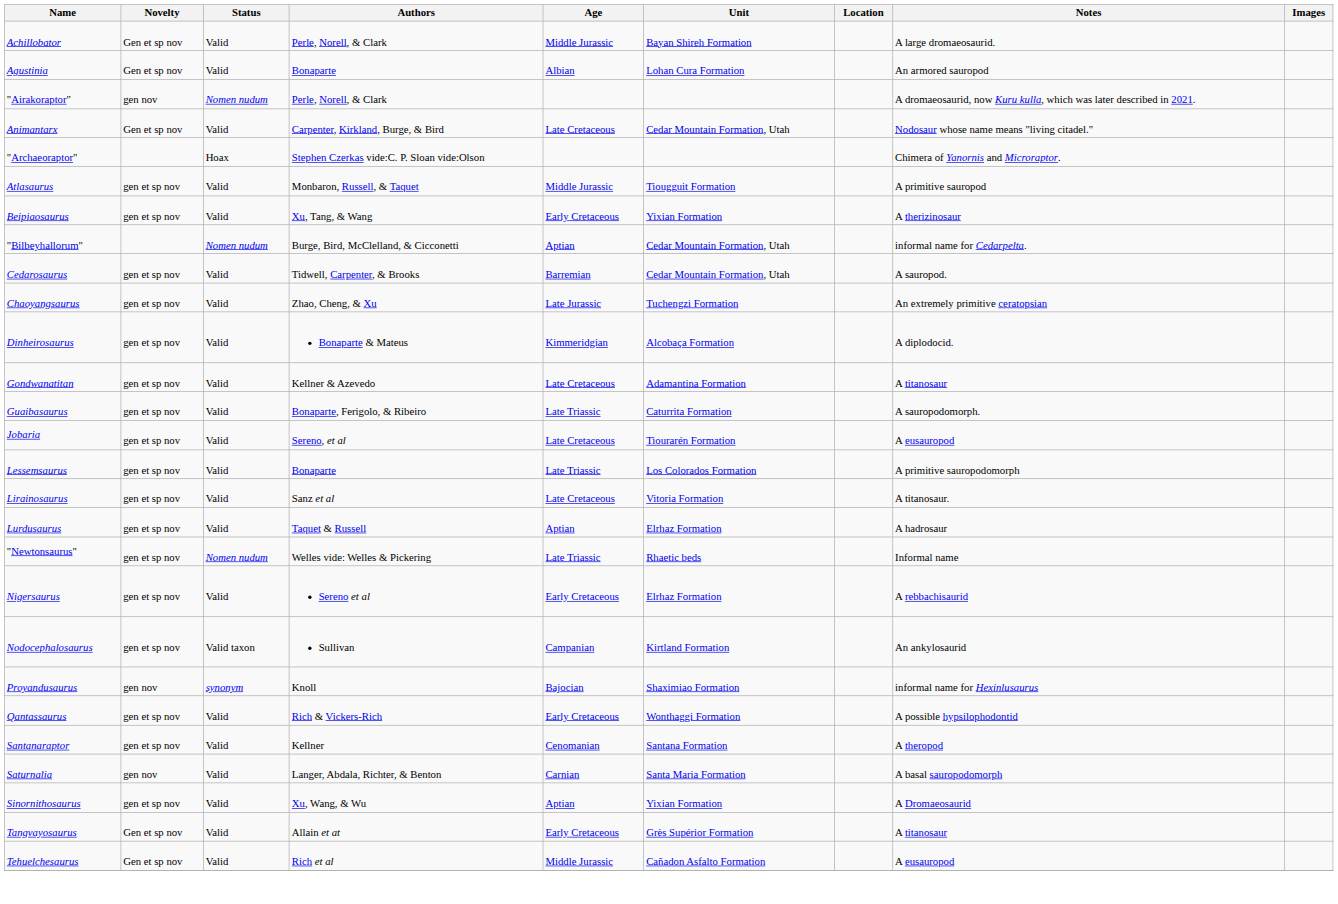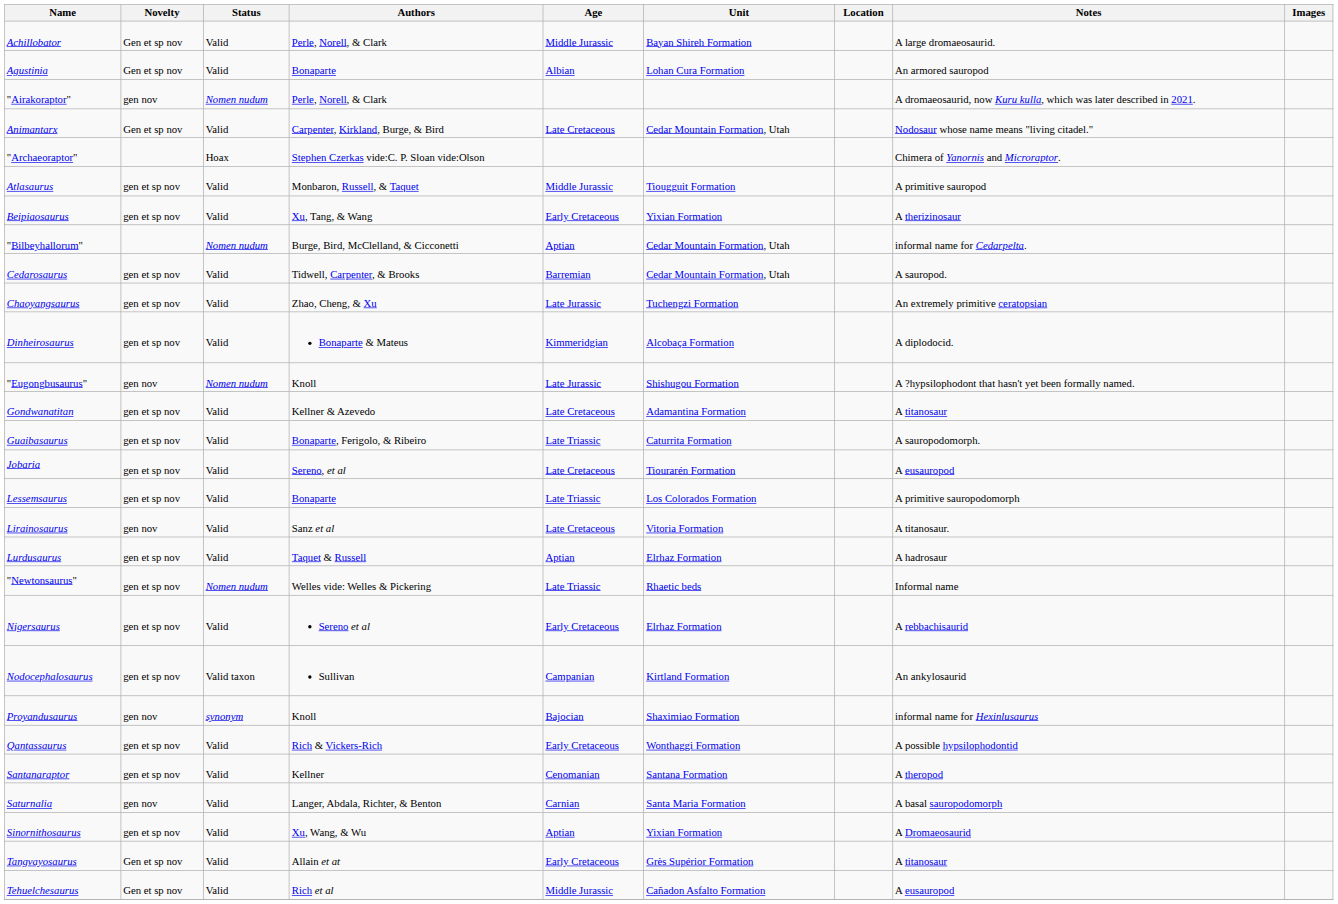 <table class="wikitable sortable" align="center" width="100%">
 <tr>
 <th>Name</th>
 <th>Novelty</th>
 <th>Status</th>
 <th>Authors</th>
 <th>Age</th>
 <th>Unit</th>
 <th>Location</th>
 <th>Notes</th>
 <th>Images</th>
 </tr>
 <tr>
 <td><br><em><a href='#'>Achillobator</a></em></td>
 <td><br>Gen et sp nov</td>
 <td><br>Valid</td>
 <td><br><a href='#'>Perle</a>, <a href='#'>Norell</a>, & Clark</td>
 <td><br><a href='#'>Middle Jurassic</a></td>
 <td><br><a href='#'>Bayan Shireh Formation</a></td>
 <td><br></td>
 <td><br>A large dromaeosaurid.</td>
 <td><br></td>
 </tr>
 <tr>
 <td><br><em><a href='#'>Agustinia</a></em></td>
 <td><br>Gen et sp nov</td>
 <td><br>Valid</td>
 <td><br><a href='#'>Bonaparte</a></td>
 <td><br><a href='#'>Albian</a></td>
 <td><br><a href='#'>Lohan Cura Formation</a></td>
 <td><br></td>
 <td><br>An armored sauropod</td>
 <td><br></td>
 </tr>
 <tr>
 <td><br>"<a href='#'>Airakoraptor</a>"</td>
 <td><br>gen nov</td>
 <td><br><em><a href='#'>Nomen nudum</a></em></td>
 <td><br><a href='#'>Perle</a>, <a href='#'>Norell</a>, & Clark</td>
 <td></td>
 <td></td>
 <td><br></td>
 <td><br>A dromaeosaurid, now <em><a href='#'>Kuru kulla</a></em>, which was later described in <a href='#'>2021</a>.</td>
 <td></td>
 </tr>
 <tr>
 <td><br><em><a href='#'>Animantarx</a></em></td>
 <td><br>Gen et sp nov</td>
 <td><br>Valid</td>
 <td><br><a href='#'>Carpenter</a>, <a href='#'>Kirkland</a>, Burge, & Bird</td>
 <td><br><a href='#'>Late Cretaceous</a></td>
 <td><br><a href='#'>Cedar Mountain Formation</a>, Utah</td>
 <td><br></td>
 <td><br><a href='#'>Nodosaur</a> whose name means "living citadel."</td>
 <td><br></td>
 </tr>
 <tr>
 <td><br>"<a href='#'>Archaeoraptor</a>"</td>
 <td></td>
 <td><br>Hoax</td>
 <td><br><a href='#'>Stephen Czerkas</a> vide:C. P. Sloan vide:Olson</td>
 <td></td>
 <td></td>
 <td></td>
 <td><br>Chimera of <em><a href='#'>Yanornis</a></em> and <em><a href='#'>Microraptor</a></em>.</td>
 <td></td>
 </tr>
 <tr>
 <td><br><em><a href='#'>Atlasaurus</a></em></td>
 <td><br>gen et sp nov</td>
 <td><br>Valid</td>
 <td><br>Monbaron, <a href='#'>Russell</a>, & <a href='#'>Taquet</a></td>
 <td><br><a href='#'>Middle Jurassic</a></td>
 <td><br><a href='#'>Tiougguit Formation</a></td>
 <td><br></td>
 <td><br>A primitive sauropod</td>
 <td></td>
 </tr>
 <tr>
 <td><br><em><a href='#'>Beipiaosaurus</a></em></td>
 <td><br>gen et sp nov</td>
 <td><br>Valid</td>
 <td><br><a href='#'>Xu</a>, Tang, & Wang</td>
 <td><br><a href='#'>Early Cretaceous</a></td>
 <td><br><a href='#'>Yixian Formation</a></td>
 <td><br></td>
 <td><br>A <a href='#'>therizinosaur</a></td>
 <td><br></td>
 </tr>
 <tr>
 <td><br>"<a href='#'>Bilbeyhallorum</a>"</td>
 <td></td>
 <td><br><em><a href='#'>Nomen nudum</a></em></td>
 <td><br>Burge, Bird, McClelland, & Cicconetti</td>
 <td><br><a href='#'>Aptian</a></td>
 <td><br><a href='#'>Cedar Mountain Formation</a>, Utah</td>
 <td><br></td>
 <td><br>informal name for <em><a href='#'>Cedarpelta</a></em>.</td>
 <td></td>
 </tr>
 <tr>
 <td><br><em><a href='#'>Cedarosaurus</a></em></td>
 <td><br>gen et sp nov</td>
 <td><br>Valid</td>
 <td><br>Tidwell, <a href='#'>Carpenter</a>, & Brooks</td>
 <td><br><a href='#'>Barremian</a></td>
 <td><br><a href='#'>Cedar Mountain Formation</a>, Utah</td>
 <td><br></td>
 <td><br>A sauropod.</td>
 <td></td>
 </tr>
 <tr>
 <td><br><em><a href='#'>Chaoyangsaurus</a></em></td>
 <td><br>gen et sp nov</td>
 <td><br>Valid</td>
 <td><br>Zhao, Cheng, & <a href='#'>Xu</a></td>
 <td><br><a href='#'>Late Jurassic</a></td>
 <td><br><a href='#'>Tuchengzi Formation</a></td>
 <td><br></td>
 <td><br>An extremely primitive <a href='#'>ceratopsian</a></td>
 <td><br></td>
 </tr>
 <tr>
 <td><br><em><a href='#'>Dinheirosaurus</a></em></td>
 <td><br>gen et sp nov</td>
 <td><br>Valid</td>
 <td><br><ul><li><a href='#'>Bonaparte</a> & Mateus</li></ul></td>
 <td><br><a href='#'>Kimmeridgian</a></td>
 <td><br><a href='#'>Alcobaça Formation</a></td>
 <td><br></td>
 <td><br>A diplodocid.</td>
 <td></td>
 </tr>
 <tr>
+<td><br>"<a href='#'>Eugongbusaurus</a>"</td>
+<td><br>gen nov</td>
+<td><br><em><a href='#'>Nomen nudum</a></em></td>
+<td><br>Knoll</td>
+<td><br><a href='#'>Late Jurassic</a></td>
+<td><br><a href='#'>Shishugou Formation</a></td>
+<td><br></td>
+<td><br>A ?hypsilophodont that hasn't yet been formally named.</td>
+<td></td>
+</tr>
+<tr>
 <td><br><em><a href='#'>Gondwanatitan</a></em></td>
 <td><br>gen et sp nov</td>
 <td><br>Valid</td>
 <td><br>Kellner & Azevedo</td>
 <td><br><a href='#'>Late Cretaceous</a></td>
 <td><br><a href='#'>Adamantina Formation</a></td>
 <td><br></td>
 <td><br>A <a href='#'>titanosaur</a></td>
 <td></td>
 </tr>
 <tr>
 <td><br><em><a href='#'>Guaibasaurus</a></em></td>
 <td><br>gen et sp nov</td>
 <td><br>Valid</td>
 <td><br><a href='#'>Bonaparte</a>, Ferigolo, & Ribeiro</td>
 <td><br><a href='#'>Late Triassic</a></td>
 <td><br><a href='#'>Caturrita Formation</a></td>
 <td><br></td>
 <td><br>A sauropodomorph.</td>
 <td><br></td>
 </tr>
 <tr>
 <td><em><a href='#'>Jobaria</a></em></td>
 <td><br>gen et sp nov</td>
 <td><br>Valid</td>
 <td><br><a href='#'>Sereno</a>, <em>et al</em></td>
 <td><br><a href='#'>Late Cretaceous</a></td>
 <td><br><a href='#'>Tiourarén Formation</a></td>
 <td><br></td>
 <td><br>A <a href='#'>eusauropod</a></td>
 <td><br></td>
 </tr>
 <tr>
 <td><br><em><a href='#'>Lessemsaurus</a></em></td>
 <td><br>gen et sp nov</td>
 <td><br>Valid</td>
 <td><br><a href='#'>Bonaparte</a></td>
 <td><br><a href='#'>Late Triassic</a></td>
 <td><br><a href='#'>Los Colorados Formation</a></td>
 <td><br></td>
 <td><br>A primitive sauropodomorph</td>
 <td><br></td>
 </tr>
 <tr>
 <td><br><em><a href='#'>Lirainosaurus</a></em></td>
-<td><br>gen et sp nov</td>
+<td><br>gen nov</td>
 <td><br>Valid</td>
 <td><br>Sanz <em>et al</em></td>
 <td><br><a href='#'>Late Cretaceous</a></td>
 <td><br><a href='#'>Vitoria Formation</a></td>
 <td><br></td>
 <td><br>A titanosaur.</td>
 <td></td>
 </tr>
 <tr>
 <td><br><em><a href='#'>Lurdusaurus</a></em></td>
 <td><br>gen et sp nov</td>
 <td><br>Valid</td>
 <td><br><a href='#'>Taquet</a> & <a href='#'>Russell</a></td>
 <td><br><a href='#'>Aptian</a></td>
 <td><br><a href='#'>Elrhaz Formation</a></td>
 <td><br></td>
 <td><br>A hadrosaur</td>
 <td><br></td>
 </tr>
 <tr>
 <td>"<a href='#'>Newtonsaurus</a>"</td>
 <td><br>gen et sp nov</td>
 <td><br><em><a href='#'>Nomen nudum</a></em></td>
 <td><br>Welles vide: Welles & Pickering</td>
 <td><br><a href='#'>Late Triassic</a></td>
 <td><br><a href='#'>Rhaetic beds</a></td>
 <td><br></td>
 <td><br>Informal name</td>
 <td><br></td>
 </tr>
 <tr>
 <td><br><em><a href='#'>Nigersaurus</a></em></td>
 <td><br>gen et sp nov</td>
 <td><br>Valid</td>
 <td><br><ul><li><a href='#'>Sereno</a> <em>et al</em></li></ul></td>
 <td><br><a href='#'>Early Cretaceous</a></td>
 <td><br><a href='#'>Elrhaz Formation</a></td>
 <td><br></td>
 <td><br>A <a href='#'>rebbachisaurid</a></td>
 <td><br></td>
 </tr>
 <tr>
 <td><br><em><a href='#'>Nodocephalosaurus</a></em></td>
 <td><br>gen et sp nov</td>
 <td><br>Valid taxon</td>
 <td><br><ul><li>Sullivan</li></ul></td>
 <td><br><a href='#'>Campanian</a></td>
 <td><br><a href='#'>Kirtland Formation</a></td>
 <td><br></td>
 <td><br>An ankylosaurid</td>
 <td></td>
 </tr>
 <tr>
 <td><br><em><a href='#'>Proyandusaurus</a></em></td>
 <td><br>gen nov</td>
 <td><br><em><a href='#'>synonym</a></em></td>
 <td><br>Knoll</td>
 <td><br><a href='#'>Bajocian</a></td>
 <td><br><a href='#'>Shaximiao Formation</a></td>
 <td><br></td>
 <td><br>informal name for <em><a href='#'>Hexinlusaurus</a></em></td>
 <td></td>
 </tr>
 <tr>
 <td><br><em><a href='#'>Qantassaurus</a></em></td>
 <td><br>gen et sp nov</td>
 <td><br>Valid</td>
 <td><br><a href='#'>Rich</a> & <a href='#'>Vickers-Rich</a></td>
 <td><br><a href='#'>Early Cretaceous</a></td>
 <td><br><a href='#'>Wonthaggi Formation</a></td>
 <td><br></td>
 <td><br>A possible <a href='#'>hypsilophodontid</a></td>
 <td><br></td>
 </tr>
 <tr>
 <td><br><em><a href='#'>Santanaraptor</a></em></td>
 <td><br>gen et sp nov</td>
 <td><br>Valid</td>
 <td><br>Kellner</td>
 <td><br><a href='#'>Cenomanian</a></td>
 <td><br><a href='#'>Santana Formation</a></td>
 <td><br></td>
 <td><br>A <a href='#'>theropod</a></td>
 <td><br></td>
 </tr>
 <tr>
 <td><br><em><a href='#'>Saturnalia</a></em></td>
 <td><br>gen nov</td>
 <td><br>Valid</td>
 <td><br>Langer, Abdala, Richter, & Benton</td>
 <td><br><a href='#'>Carnian</a></td>
 <td><br><a href='#'>Santa Maria Formation</a></td>
 <td><br> </td>
 <td><br>A basal <a href='#'>sauropodomorph</a></td>
 <td><br></td>
 </tr>
 <tr>
 <td><br><em><a href='#'>Sinornithosaurus</a></em></td>
 <td><br>gen et sp nov</td>
 <td><br>Valid</td>
 <td><br><a href='#'>Xu</a>, Wang, & Wu</td>
 <td><br><a href='#'>Aptian</a></td>
 <td><br><a href='#'>Yixian Formation</a></td>
 <td><br></td>
 <td><br>A <a href='#'>Dromaeosaurid</a></td>
 <td><br></td>
 </tr>
 <tr>
 <td><br><em><a href='#'>Tangvayosaurus</a></em></td>
 <td><br>Gen et sp nov</td>
 <td><br>Valid</td>
 <td><br>Allain <em>et at</em></td>
 <td><br><a href='#'>Early Cretaceous</a></td>
 <td><br><a href='#'>Grès Supérior Formation</a></td>
 <td><br></td>
 <td><br>A <a href='#'>titanosaur</a></td>
 <td></td>
 </tr>
 <tr>
 <td><br><em><a href='#'>Tehuelchesaurus</a></em></td>
 <td><br>Gen et sp nov</td>
 <td><br>Valid</td>
 <td><br><a href='#'>Rich</a> <em>et al</em></td>
 <td><br><a href='#'>Middle Jurassic</a></td>
 <td><br><a href='#'>Cañadon Asfalto Formation</a></td>
 <td><br></td>
 <td><br>A <a href='#'>eusauropod</a></td>
 <td></td>
 </tr>
 <tr>
 </tr>
 </table>
